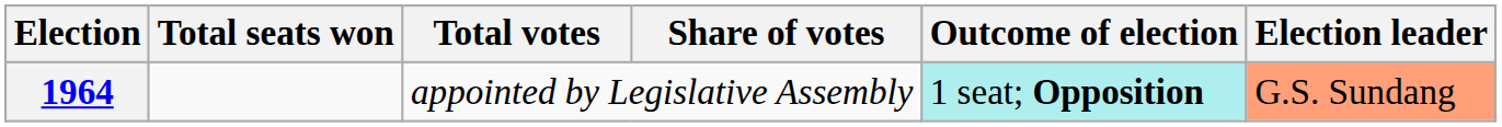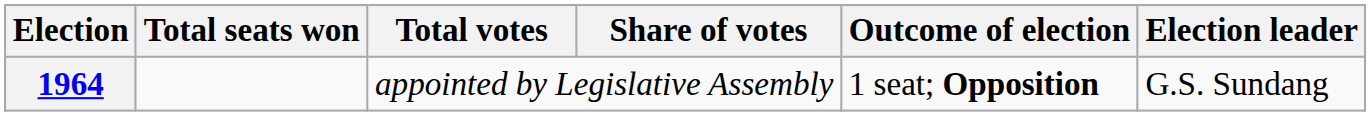 <table class="wikitable">
 <tr>
 <th>Election</th>
 <th>Total seats won</th>
 <th>Total votes</th>
 <th>Share of votes</th>
 <th>Outcome of election</th>
 <th>Election leader</th>
 </tr>
 <tr>
 <th><a href='#'>1964</a></th>
 <td></td>
 <td colspan="2"><em>appointed by Legislative Assembly</em></td>
-<td style="background: paleturquoise;">1 seat; <strong>Opposition</strong></td>
-<td style="background: lightsalmon;">G.S. Sundang</td>
+<td>1 seat; <strong>Opposition</strong></td>
+<td>G.S. Sundang</td>
 </tr>
 </table>
